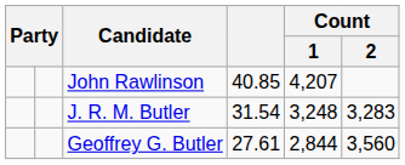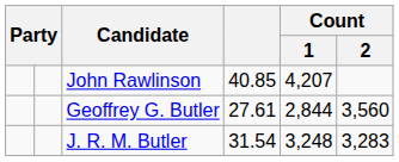 <table class="wikitable sortable" style="font-size: 95%;">
 <tr>
 <th rowspan=2 colspan=2>Party</th>
 <th rowspan=2>Candidate</th>
 <th rowspan=2></th>
 <th colspan=2>Count</th>
 </tr>
 <tr>
 <th>1</th>
 <th>2</th>
 </tr>
 <tr>
 <td style="background-color: "></td>
 <td><a href='#'></a></td>
 <td><a href='#'>John Rawlinson</a></td>
 <td style="text-align:right;">40.85</td>
 <td style="text-align:right;">4,207</td>
 <td style="text-align:right;"> </td>
 </tr>
 <tr>
 <td style="background-color: "></td>
 <td><a href='#'></a></td>
+<td><a href='#'>Geoffrey G. Butler</a></td>
+<td style="text-align:right;">27.61</td>
+<td style="text-align:right;">2,844</td>
+<td style="text-align:right;">3,560</td>
+</tr>
+<tr>
+<td style="background-color: "></td>
+<td><a href='#'></a></td>
 <td><a href='#'>J. R. M. Butler</a></td>
 <td style="text-align:right;">31.54</td>
 <td style="text-align:right;">3,248</td>
 <td style="text-align:right;">3,283</td>
 </tr>
 <tr>
-<td style="background-color: "></td>
-<td><a href='#'></a></td>
-<td><a href='#'>Geoffrey G. Butler</a></td>
-<td style="text-align:right;">27.61</td>
-<td style="text-align:right;">2,844</td>
-<td style="text-align:right;">3,560</td>
-</tr>
-<tr>
 </tr>
 </table>
